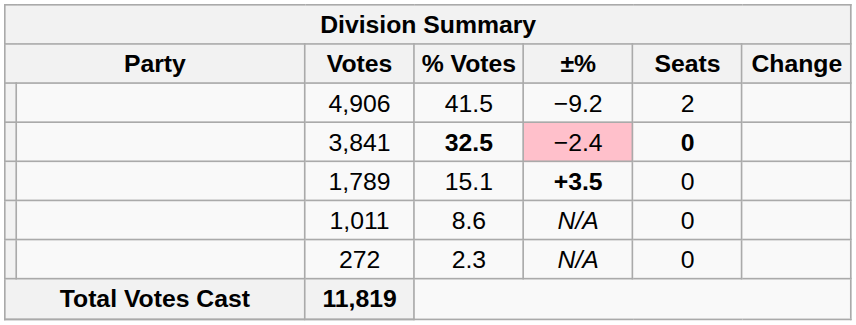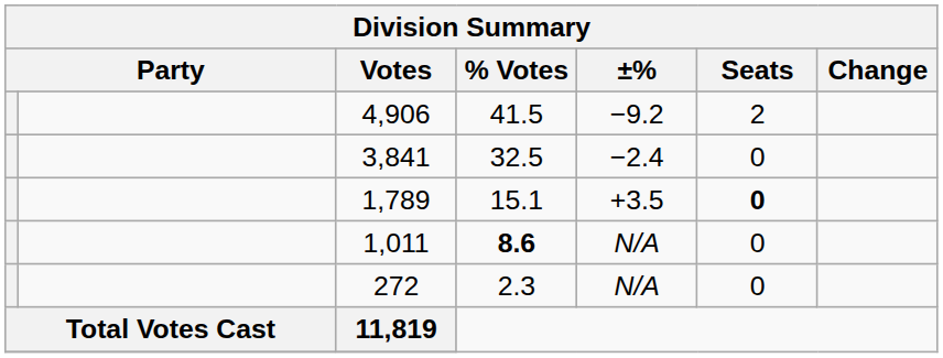 <table class="wikitable" style="font-size: 95%;">
 <tr>
 <th colspan="7">Division Summary</th>
 </tr>
 <tr>
 <th colspan="2">Party</th>
 <th style="width: 60px">Votes</th>
 <th style="width: 60px">% Votes</th>
 <th style="width: 60px">±%</th>
 <th style="width: 60px">Seats</th>
 <th style="width: 60px">Change</th>
 </tr>
 <tr>
 <th style="background-color: "></th>
 <td style="width: 170px"><a href='#'></a></td>
 <td align="center">4,906</td>
 <td align="center">41.5</td>
 <td align="center">−9.2</td>
 <td align="center">2</td>
 <td align="center"></td>
 </tr>
 <tr>
 <th style="background-color: "></th>
 <td style="width: 170px"><a href='#'></a></td>
 <td align="center">3,841</td>
-<td align="center"><strong>32.5</strong></td>
-<td align="center" style="background: pink;">−2.4</td>
-<td align="center"><strong>0</strong></td>
+<td align="center">32.5</td>
+<td align="center">−2.4</td>
+<td align="center">0</td>
 <td align="center"></td>
 </tr>
 <tr>
 <th style="background-color: "></th>
 <td style="width: 170px"><a href='#'></a></td>
 <td align="center">1,789</td>
 <td align="center">15.1</td>
-<td align="center"><strong>+3.5</strong></td>
-<td align="center">0</td>
+<td align="center">+3.5</td>
+<td align="center"><strong>0</strong></td>
 <td align="center"></td>
 </tr>
 <tr>
 <th style="background-color: "></th>
 <td style="width: 170px"><a href='#'></a></td>
 <td align="center">1,011</td>
-<td align="center">8.6</td>
+<td align="center"><strong>8.6</strong></td>
 <td align="center"><em>N/A</em></td>
 <td align="center">0</td>
 <td align="center"></td>
 </tr>
 <tr>
 <th style="background-color: "></th>
 <td style="width: 170px"><a href='#'></a></td>
 <td align="center">272</td>
 <td align="center">2.3</td>
 <td align="center"><em>N/A</em></td>
 <td align="center">0</td>
 <td align="center"></td>
 </tr>
 <tr style="background-color:#E9E9E9">
 <th colspan="2">Total Votes Cast</th>
 <th style="width: 60px">11,819</th>
 </tr>
 <tr style="background-color:#E9E9E9">
 </tr>
 </table>
